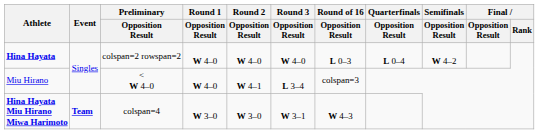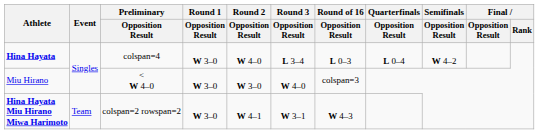 <table class=wikitable style=font-size:90%;text-align:center>
 <tr>
 <th rowspan=2>Athlete</th>
 <th rowspan=2>Event</th>
 <th>Preliminary</th>
 <th>Round 1</th>
 <th>Round 2</th>
 <th>Round 3</th>
 <th>Round of 16</th>
 <th>Quarterfinals</th>
 <th>Semifinals</th>
 <th colspan=2>Final / </th>
 </tr>
 <tr style=font-size:95%>
 <th>Opposition <br> Result</th>
 <th>Opposition <br> Result</th>
 <th>Opposition <br> Result</th>
 <th>Opposition <br> Result</th>
 <th>Opposition <br> Result</th>
 <th>Opposition <br> Result</th>
 <th>Opposition <br> Result</th>
 <th>Opposition <br> Result</th>
 <th>Rank</th>
 </tr>
 <tr>
 <td align=left><strong><a href='#'>Hina Hayata</a></strong></td>
 <td align=left rowspan=2><a href='#'>Singles</a></td>
-<td>colspan=2 rowspan=2 </td>
+<td>colspan=4 </td>
+<td> <br><strong>W</strong> 3–0</td>
 <td> <br> <strong>W</strong> 4–0</td>
-<td> <br> <strong>W</strong> 4–0</td>
-<td> <br> <strong>W</strong> 4–0</td>
+<td> <br> <strong>L</strong> 3–4</td>
 <td> <br> <strong>L</strong> 0–3</td>
 <td> <br> <strong>L</strong> 0–4</td>
 <td> <br> <strong>W</strong> 4–2</td>
 <td></td>
 </tr>
 <tr align=center>
 <td align=left><a href='#'>Miu Hirano</a></td>
 <td>< <br> <strong>W</strong> 4–0</td>
+<td> <br><strong>W</strong> 3–0</td>
+<td> <br><strong>W</strong> 3–0</td>
 <td> <br> <strong>W</strong> 4–0</td>
-<td> <br> <strong>W</strong> 4–1</td>
-<td> <br> <strong>L</strong> 3–4</td>
 <td>colspan=3</td>
 </tr>
 <tr>
 <td align=left><strong><a href='#'>Hina Hayata</a> <br> <a href='#'>Miu Hirano</a> <br> <a href='#'>Miwa Harimoto</a></strong></td>
-<td align=left><strong><a href='#'>Team</a></strong></td>
-<td>colspan=4 </td>
+<td align=left><a href='#'>Team</a></td>
+<td>colspan=2 rowspan=2 </td>
 <td> <br><strong>W</strong> 3–0</td>
-<td> <br><strong>W</strong> 3–0</td>
+<td> <br> <strong>W</strong> 4–1</td>
 <td> <br><strong>W</strong> 3–1</td>
 <td> <br> <strong>W</strong> 4–3</td>
 <td></td>
 </tr>
 </table>
